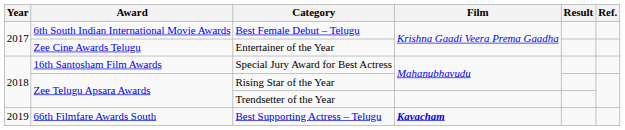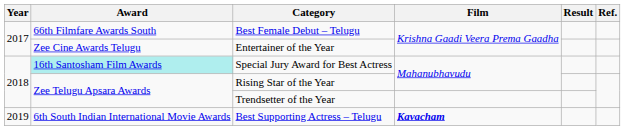 <table class="wikitable">
 <tr>
 <th>Year</th>
 <th>Award</th>
 <th>Category</th>
 <th>Film</th>
 <th>Result</th>
 <th>Ref.</th>
 </tr>
 <tr>
 <td rowspan="2">2017</td>
-<td><a href='#'>6th South Indian International Movie Awards</a></td>
+<td><a href='#'>66th Filmfare Awards South</a></td>
 <td><a href='#'>Best Female Debut – Telugu</a></td>
 <td rowspan="2"><em><a href='#'>Krishna Gaadi Veera Prema Gaadha</a></em></td>
 <td></td>
 <td></td>
 </tr>
 <tr>
 <td><a href='#'>Zee Cine Awards Telugu</a></td>
 <td>Entertainer of the Year</td>
 <td></td>
 <td></td>
 </tr>
 <tr>
 <td rowspan="3">2018</td>
-<td><a href='#'>16th Santosham Film Awards</a></td>
+<td style="background: paleturquoise;"><a href='#'>16th Santosham Film Awards</a></td>
 <td>Special Jury Award for Best Actress</td>
 <td rowspan="2"><em><a href='#'>Mahanubhavudu</a></em></td>
 <td></td>
 <td></td>
 </tr>
 <tr>
 <td rowspan="2"><a href='#'>Zee Telugu Apsara Awards</a></td>
 <td>Rising Star of the Year</td>
 <td></td>
 <td rowspan="2"></td>
 </tr>
 <tr>
 <td>Trendsetter of the Year</td>
 <td></td>
 <td></td>
 </tr>
 <tr>
 <td>2019</td>
-<td><a href='#'>66th Filmfare Awards South</a></td>
+<td><a href='#'>6th South Indian International Movie Awards</a></td>
 <td><a href='#'>Best Supporting Actress – Telugu</a></td>
 <td><strong><em><a href='#'>Kavacham</a></em></strong></td>
 <td></td>
 <td></td>
 </tr>
 </table>
